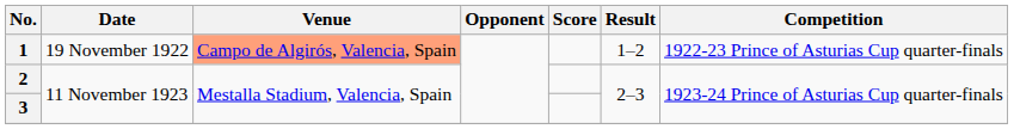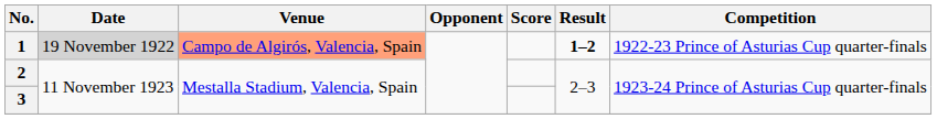 <table class="wikitable sortable plainrowheaders">
 <tr>
 <th scope=col>No.</th>
 <th scope=col>Date</th>
 <th scope=col>Venue</th>
 <th scope=col>Opponent</th>
 <th scope="col">Score</th>
 <th scope=col>Result</th>
 <th scope=col>Competition</th>
 </tr>
 <tr>
 <th scope=row style=text-align:center>1</th>
-<td rowspan="1">19 November 1922</td>
+<td rowspan="1" style="background: lightgrey;">19 November 1922</td>
 <td rowspan="1" style="background: lightsalmon;"><a href='#'>Campo de Algirós</a>, <a href='#'>Valencia</a>, Spain</td>
 <td rowspan="3"></td>
 <td></td>
-<td rowspan="1" align=center>1–2</td>
+<td rowspan="1" align=center><strong>1–2</strong></td>
 <td rowspan="1"><a href='#'>1922-23 Prince of Asturias Cup</a> quarter-finals</td>
 </tr>
 <tr>
 <th scope=row style=text-align:center>2</th>
 <td rowspan="2">11 November 1923</td>
 <td rowspan="2"><a href='#'>Mestalla Stadium</a>, <a href='#'>Valencia</a>, Spain</td>
 <td></td>
 <td rowspan="2" align=center>2–3</td>
 <td rowspan="2"><a href='#'>1923-24 Prince of Asturias Cup</a> quarter-finals</td>
 </tr>
 <tr>
 <th scope=row style=text-align:center>3</th>
 <td></td>
 </tr>
 <tr>
 </tr>
 </table>
